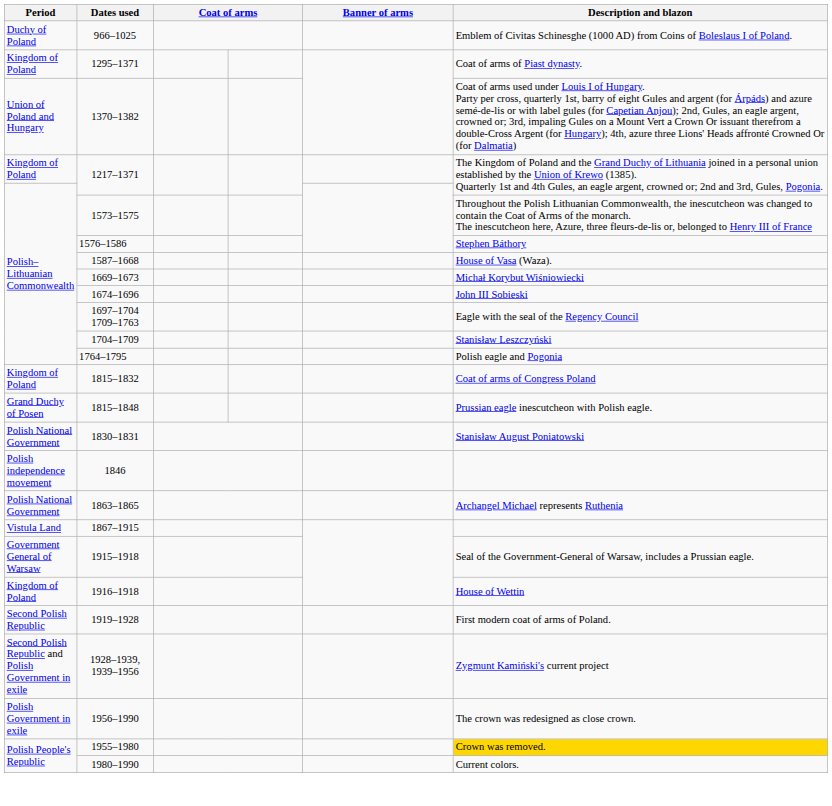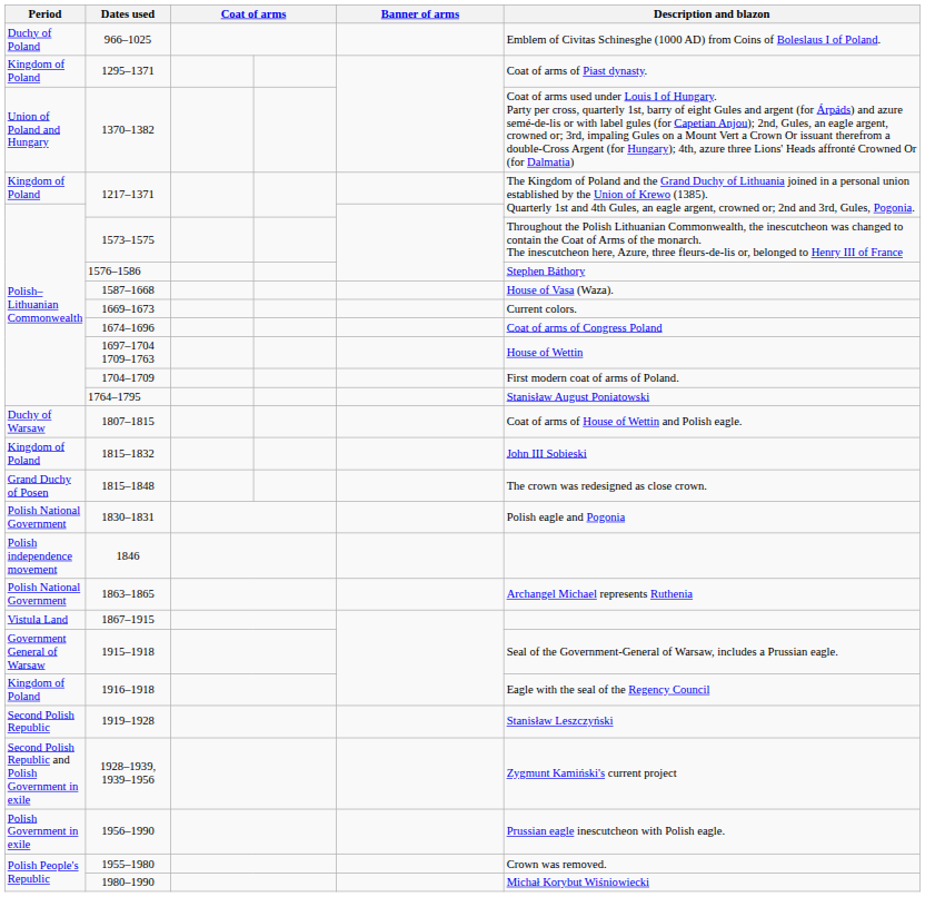 <table class="wikitable noresize">
 <tr>
 <th>Period</th>
 <th width="10%">Dates used</th>
 <th colspan="2" width="20%"><a href='#'>Coat of arms</a></th>
 <th width="20%"><a href='#'>Banner of arms</a></th>
 <th width="70%">Description and blazon</th>
 </tr>
 <tr>
 <td><a href='#'>Duchy of Poland</a></td>
 <td align="center">966–1025</td>
 <td colspan="2" align="center"></td>
 <td align="center"></td>
 <td>Emblem of Civitas Schinesghe (1000 AD) from Coins of <a href='#'>Boleslaus I of Poland</a>.</td>
 </tr>
 <tr>
 <td><a href='#'>Kingdom of Poland</a></td>
 <td align="center">1295–1371</td>
 <td align="center"></td>
 <td align="center"></td>
 <td rowspan="2" align="center"></td>
 <td>Coat of arms of <a href='#'>Piast dynasty</a>.</td>
 </tr>
 <tr>
 <td><a href='#'>Union of Poland and Hungary</a></td>
 <td align="center">1370–1382</td>
 <td align="center"></td>
 <td align="center"></td>
 <td>Coat of arms used under <a href='#'>Louis I of Hungary</a>.<br>Party per cross, quarterly 1st, barry of eight Gules and argent (for <a href='#'>Árpáds</a>) and azure semé-de-lis or with label gules (for <a href='#'>Capetian Anjou</a>); 2nd, Gules, an eagle argent, crowned or; 3rd, impaling Gules on a Mount Vert a Crown Or issuant therefrom a double-Cross Argent (for <a href='#'>Hungary</a>); 4th, azure three Lions' Heads affronté Crowned Or (for <a href='#'>Dalmatia</a>)</td>
 </tr>
 <tr>
 <td><a href='#'>Kingdom of Poland</a></td>
 <td rowspan="3" align="center">1217–1371</td>
 <td rowspan="3" align="center"></td>
 <td rowspan="3"></td>
 <td align="center"></td>
 <td rowspan="2">The Kingdom of Poland and the <a href='#'>Grand Duchy of Lithuania</a> joined in a personal union established by the <a href='#'>Union of Krewo</a> (1385).<br>Quarterly 1st and 4th Gules, an eagle argent, crowned or; 2nd and 3rd, Gules, <a href='#'>Pogonia</a>.</td>
 </tr>
 <tr>
 <td rowspan="10"><a href='#'>Polish–Lithuanian Commonwealth</a></td>
 <td rowspan="4"></td>
 </tr>
 <tr>
 <td rowspan="2">Throughout the Polish Lithuanian Commonwealth, the inescutcheon was changed to contain the Coat of Arms of the monarch.<br>The inescutcheon here, Azure, three fleurs-de-lis or, belonged to <a href='#'>Henry III of France</a></td>
 </tr>
 <tr>
 <td align="center">1573–1575</td>
 <td align="center"></td>
 <td></td>
 </tr>
 <tr>
 <td>1576–1586</td>
 <td></td>
 <td></td>
 <td><a href='#'>Stephen Báthory</a></td>
 </tr>
 <tr>
 <td align="center">1587–1668</td>
 <td align="center"></td>
 <td align="center"></td>
 <td align="center"></td>
 <td><a href='#'>House of Vasa</a> (Waza).</td>
 </tr>
 <tr>
 <td align="center">1669–1673</td>
 <td align="center"></td>
 <td align="center"></td>
 <td align="center"></td>
-<td><a href='#'>Michał Korybut Wiśniowiecki</a></td>
+<td>Current colors.</td>
 </tr>
 <tr>
 <td align="center">1674–1696</td>
 <td align="center"></td>
 <td align="center"></td>
 <td></td>
-<td><a href='#'>John III Sobieski</a></td>
+<td><a href='#'>Coat of arms of Congress Poland</a></td>
 </tr>
 <tr>
 <td align="center">1697–1704 1709–1763</td>
 <td align="center"></td>
 <td align="center"></td>
 <td align="center"></td>
-<td>Eagle with the seal of the <a href='#'>Regency Council</a></td>
+<td><a href='#'>House of Wettin</a></td>
 </tr>
 <tr>
 <td align="center">1704–1709</td>
 <td align="center"></td>
 <td></td>
 <td align="center"></td>
-<td><a href='#'>Stanisław Leszczyński</a></td>
+<td>First modern coat of arms of Poland.</td>
 </tr>
 <tr>
 <td>1764–1795</td>
 <td></td>
 <td></td>
 <td></td>
-<td>Polish eagle and <a href='#'>Pogonia</a></td>
+<td><a href='#'>Stanisław August Poniatowski</a></td>
+</tr>
+<tr>
+<td><a href='#'>Duchy of Warsaw</a></td>
+<td align="center">1807–1815</td>
+<td align="center"></td>
+<td align="center"></td>
+<td></td>
+<td>Coat of arms of <a href='#'>House of Wettin</a> and Polish eagle.</td>
 </tr>
 <tr>
 <td><a href='#'>Kingdom of Poland</a></td>
 <td align="center">1815–1832</td>
 <td align="center"></td>
 <td align="center"></td>
 <td align="center"></td>
-<td><a href='#'>Coat of arms of Congress Poland</a></td>
+<td><a href='#'>John III Sobieski</a></td>
 </tr>
 <tr>
 <td><a href='#'>Grand Duchy of Posen</a></td>
 <td align="center">1815–1848</td>
 <td align="center"></td>
 <td align="center"></td>
 <td></td>
-<td><a href='#'>Prussian eagle</a> inescutcheon with Polish eagle.</td>
+<td>The crown was redesigned as close crown.</td>
 </tr>
 <tr>
 <td><a href='#'>Polish National Government</a></td>
 <td align="center">1830–1831</td>
 <td colspan="2" align="center"></td>
 <td align="center"></td>
-<td><a href='#'>Stanisław August Poniatowski</a></td>
+<td>Polish eagle and <a href='#'>Pogonia</a></td>
 </tr>
 <tr>
 <td><a href='#'>Polish independence movement</a></td>
 <td align="center">1846</td>
 <td colspan="2" align="center"></td>
 <td align="center"></td>
 <td></td>
 </tr>
 <tr>
 <td><a href='#'>Polish National Government</a></td>
 <td align="center">1863–1865</td>
 <td colspan="2" align="center"></td>
 <td></td>
 <td><a href='#'>Archangel Michael</a> represents <a href='#'>Ruthenia</a></td>
 </tr>
 <tr>
 <td><a href='#'>Vistula Land</a></td>
 <td align="center">1867–1915</td>
 <td colspan="2" align="center"></td>
 <td rowspan="3"></td>
 <td></td>
 </tr>
 <tr>
 <td><a href='#'>Government General of Warsaw</a></td>
 <td align="center">1915–1918</td>
 <td colspan="2" align="center"></td>
 <td>Seal of the Government-General of Warsaw, includes a Prussian eagle.</td>
 </tr>
 <tr>
 <td><a href='#'>Kingdom of Poland</a></td>
 <td align="center">1916–1918</td>
 <td colspan="2" align="center"></td>
-<td><a href='#'>House of Wettin</a></td>
+<td>Eagle with the seal of the <a href='#'>Regency Council</a></td>
 </tr>
 <tr>
 <td><a href='#'>Second Polish Republic</a></td>
 <td align="center">1919–1928</td>
 <td colspan="2" align="center"></td>
 <td align="center"></td>
-<td>First modern coat of arms of Poland.</td>
+<td><a href='#'>Stanisław Leszczyński</a></td>
 </tr>
 <tr>
 <td><a href='#'>Second Polish Republic</a> and <a href='#'>Polish Government in exile</a></td>
 <td align="center">1928–1939, 1939–1956</td>
 <td colspan="2" align="center"></td>
 <td align="center"></td>
 <td><a href='#'>Zygmunt Kamiński's</a> current project</td>
 </tr>
 <tr>
 <td><a href='#'>Polish Government in exile</a></td>
 <td align="center">1956–1990</td>
 <td colspan="2" align="center"></td>
 <td align="center"></td>
-<td>The crown was redesigned as close crown.</td>
+<td><a href='#'>Prussian eagle</a> inescutcheon with Polish eagle.</td>
 </tr>
 <tr>
 <td rowspan="2"><a href='#'>Polish People's Republic</a></td>
 <td align="center">1955–1980</td>
 <td colspan="2" align="center"></td>
 <td align="center"></td>
-<td style="background: gold;">Crown was removed.</td>
+<td>Crown was removed.</td>
 </tr>
 <tr>
 <td align="center">1980–1990</td>
 <td colspan="2" align="center"></td>
 <td align="center"></td>
-<td>Current colors.</td>
+<td><a href='#'>Michał Korybut Wiśniowiecki</a></td>
 </tr>
 </table>
